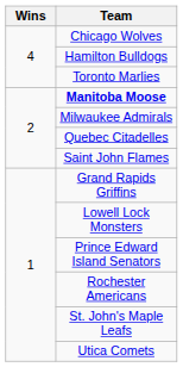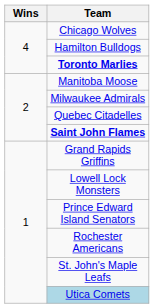 <table class="wikitable" style="text-align:center; margin-left:1em; float:right">
 <tr>
 <th width="55">Wins</th>
 <th align="center" width="145">Team</th>
 </tr>
 <tr>
 <td rowspan=3>4</td>
 <td><a href='#'>Chicago Wolves</a></td>
 </tr>
 <tr>
 <td><a href='#'>Hamilton Bulldogs</a></td>
 </tr>
 <tr>
-<td><a href='#'>Toronto Marlies</a></td>
+<td><strong><a href='#'>Toronto Marlies</a></strong></td>
 </tr>
 <tr>
 <td rowspan=4>2</td>
-<td><strong><a href='#'>Manitoba Moose</a></strong></td>
+<td><a href='#'>Manitoba Moose</a></td>
 </tr>
 <tr>
 <td><a href='#'>Milwaukee Admirals</a></td>
 </tr>
 <tr>
 <td><a href='#'>Quebec Citadelles</a></td>
 </tr>
 <tr>
-<td><a href='#'>Saint John Flames</a></td>
+<td><strong><a href='#'>Saint John Flames</a></strong></td>
 </tr>
 <tr>
 <td rowspan=6>1</td>
 <td><a href='#'>Grand Rapids Griffins</a></td>
 </tr>
 <tr>
 <td><a href='#'>Lowell Lock Monsters</a></td>
 </tr>
 <tr>
 <td><a href='#'>Prince Edward Island Senators</a></td>
 </tr>
 <tr>
 <td><a href='#'>Rochester Americans</a></td>
 </tr>
 <tr>
 <td><a href='#'>St. John's Maple Leafs</a></td>
 </tr>
 <tr>
-<td><a href='#'>Utica Comets</a></td>
+<td style="background: lightblue;"><a href='#'>Utica Comets</a></td>
 </tr>
 </table>
